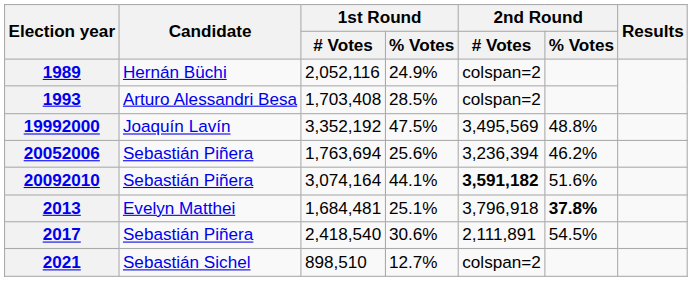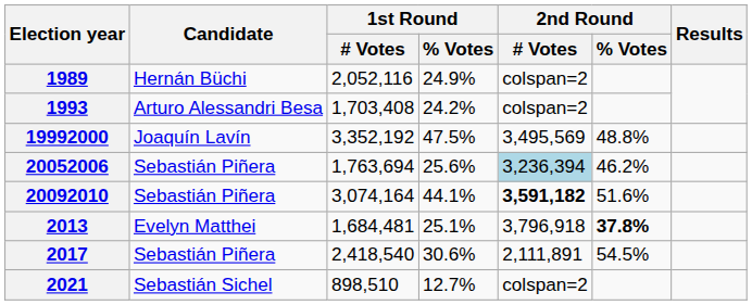 <table class="wikitable">
 <tr>
 <th rowspan=2>Election year</th>
 <th rowspan=2>Candidate</th>
 <th colspan=2>1st Round</th>
 <th colspan=2>2nd Round</th>
 <th rowspan=2>Results</th>
 </tr>
 <tr>
 <th># Votes</th>
 <th>% Votes</th>
 <th># Votes</th>
 <th>% Votes</th>
 </tr>
 <tr>
 <th><a href='#'>1989</a></th>
 <td><a href='#'>Hernán Büchi</a></td>
 <td>2,052,116</td>
 <td>24.9%</td>
 <td>colspan=2 </td>
 <td></td>
 </tr>
 <tr>
 <th><a href='#'>1993</a></th>
 <td><a href='#'>Arturo Alessandri Besa</a></td>
 <td>1,703,408</td>
-<td>28.5%</td>
+<td>24.2%</td>
 <td>colspan=2 </td>
 <td></td>
 </tr>
 <tr>
 <th><a href='#'>19992000</a></th>
 <td><a href='#'>Joaquín Lavín</a></td>
 <td>3,352,192</td>
 <td>47.5%</td>
 <td>3,495,569</td>
 <td>48.8%</td>
 <td></td>
 </tr>
 <tr>
 <th><a href='#'>20052006</a></th>
 <td><a href='#'>Sebastián Piñera</a></td>
 <td>1,763,694</td>
 <td>25.6%</td>
-<td>3,236,394</td>
+<td style="background: lightblue;">3,236,394</td>
 <td>46.2%</td>
 <td></td>
 </tr>
 <tr>
 <th><a href='#'>20092010</a></th>
 <td><a href='#'>Sebastián Piñera</a></td>
 <td>3,074,164</td>
 <td>44.1%</td>
 <td><strong>3,591,182</strong></td>
 <td>51.6%</td>
 <td></td>
 </tr>
 <tr>
 <th><a href='#'>2013</a></th>
 <td><a href='#'>Evelyn Matthei</a></td>
 <td>1,684,481</td>
 <td>25.1%</td>
 <td>3,796,918</td>
 <td><strong>37.8%</strong></td>
 <td></td>
 </tr>
 <tr>
 <th><a href='#'>2017</a></th>
 <td><a href='#'>Sebastián Piñera</a></td>
 <td>2,418,540</td>
 <td>30.6%</td>
 <td>2,111,891</td>
 <td>54.5%</td>
 <td></td>
 </tr>
 <tr>
 <th><a href='#'>2021</a></th>
 <td><a href='#'>Sebastián Sichel</a></td>
 <td>898,510</td>
 <td>12.7%</td>
 <td>colspan=2 </td>
 <td></td>
 </tr>
 </table>
